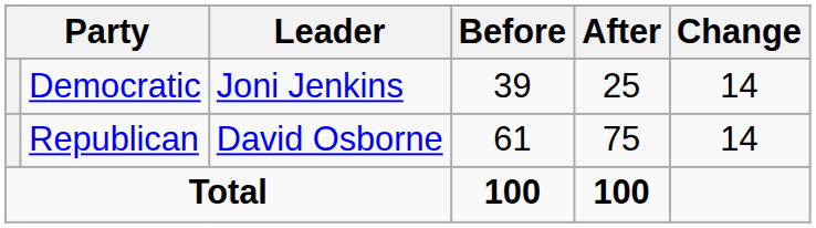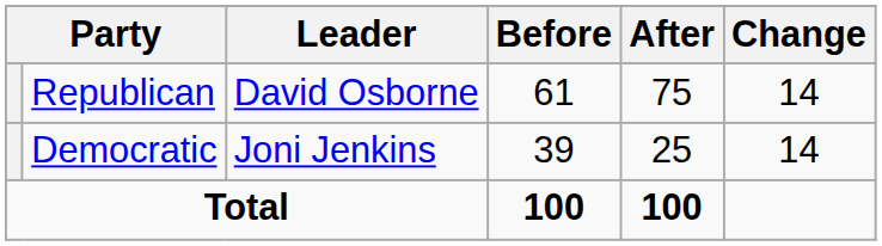 <table class="wikitable" style="text-align:center;">
 <tr>
 </tr>
 <tr>
 <th colspan=2>Party</th>
 <th>Leader</th>
 <th>Before</th>
 <th>After</th>
 <th>Change</th>
 </tr>
 <tr>
 <th style="background-color:"></th>
+<td style="text-align:left;"><a href='#'>Republican</a></td>
+<td style="text-align:left;"><a href='#'>David Osborne</a></td>
+<td>61</td>
+<td>75</td>
+<td> 14</td>
+</tr>
+<tr>
+<th style="background-color:"></th>
 <td style="text-align:left;"><a href='#'>Democratic</a></td>
 <td style="text-align:left;"><a href='#'>Joni Jenkins</a></td>
 <td>39</td>
 <td>25</td>
-<td> 14</td>
-</tr>
-<tr>
-<th style="background-color:"></th>
-<td style="text-align:left;"><a href='#'>Republican</a></td>
-<td style="text-align:left;"><a href='#'>David Osborne</a></td>
-<td>61</td>
-<td>75</td>
 <td> 14</td>
 </tr>
 <tr>
 <td colspan=3><strong>Total</strong></td>
 <td><strong>100</strong></td>
 <td><strong>100</strong></td>
 <td></td>
 </tr>
 </table>
